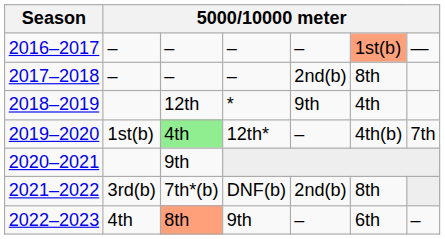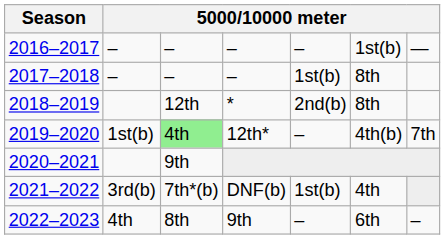 <table class="wikitable" style="display: inline-table;">
 <tr>
 <th>Season</th>
 <th colspan="6">5000/10000 meter</th>
 </tr>
 <tr>
 <td><a href='#'>2016–2017</a></td>
 <td>–</td>
 <td>–</td>
 <td>–</td>
 <td>–</td>
-<td style="background: lightsalmon;">1st(b)</td>
+<td>1st(b)</td>
 <td>—</td>
 </tr>
 <tr>
 <td><a href='#'>2017–2018</a></td>
 <td>–</td>
 <td>–</td>
 <td>–</td>
-<td>2nd(b)</td>
+<td>1st(b)</td>
 <td>8th</td>
 <td></td>
 </tr>
 <tr>
 <td><a href='#'>2018–2019</a></td>
 <td></td>
 <td>12th</td>
 <td>*</td>
-<td>9th</td>
-<td>4th</td>
+<td>2nd(b)</td>
+<td>8th</td>
 <td></td>
 </tr>
 <tr>
 <td><a href='#'>2019–2020</a></td>
 <td>1st(b)</td>
 <td style="background: lightgreen;">4th</td>
 <td>12th*</td>
 <td>–</td>
 <td>4th(b)</td>
 <td>7th</td>
 </tr>
 <tr>
 <td><a href='#'>2020–2021</a></td>
 <td></td>
 <td>9th</td>
 <td colspan="4" bgcolor=#EEEEEE></td>
 </tr>
 <tr>
 <td><a href='#'>2021–2022</a></td>
 <td>3rd(b)</td>
 <td>7th*(b)</td>
 <td>DNF(b)</td>
-<td>2nd(b)</td>
-<td>8th</td>
+<td>1st(b)</td>
+<td>4th</td>
 <td colspan="1" bgcolor=#EEEEEE></td>
 </tr>
 <tr>
 <td><a href='#'>2022–2023</a></td>
 <td>4th</td>
-<td style="background: lightsalmon;">8th</td>
+<td>8th</td>
 <td>9th</td>
 <td>–</td>
 <td>6th</td>
 <td>–</td>
 </tr>
 </table>
